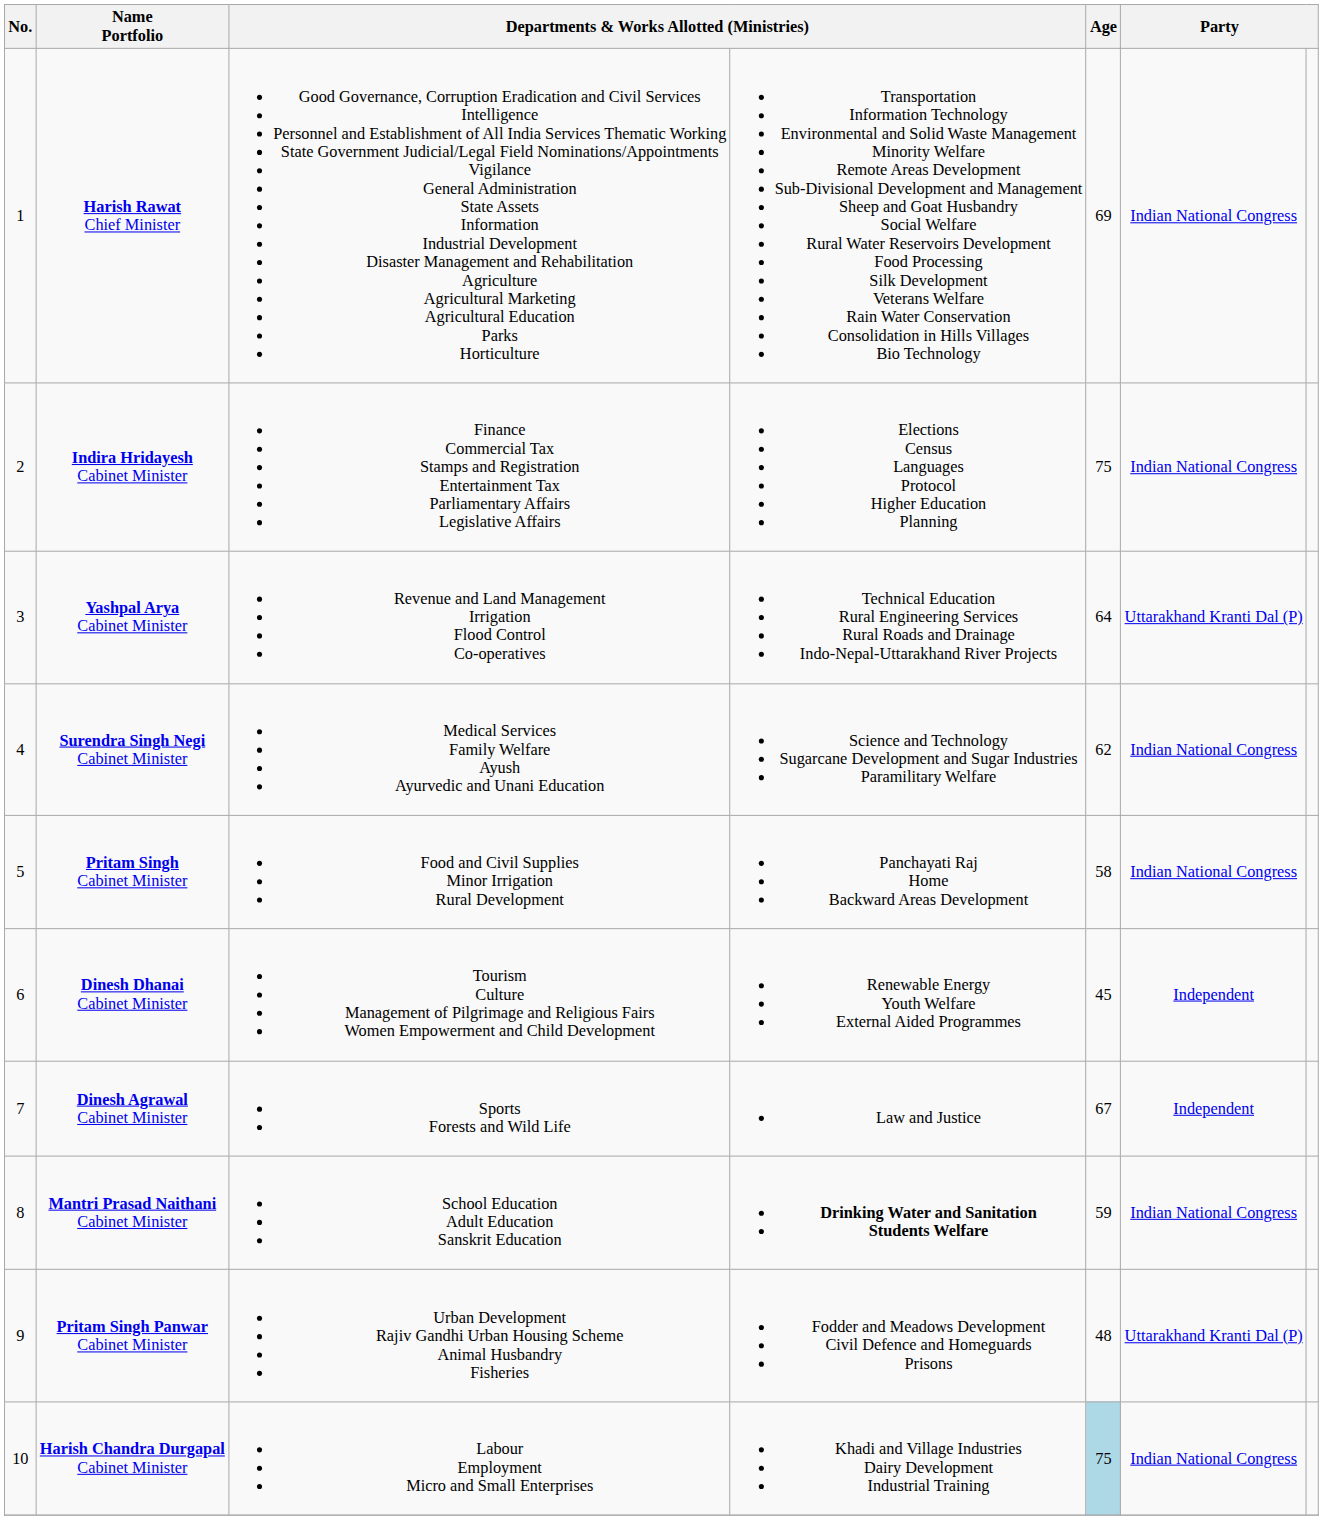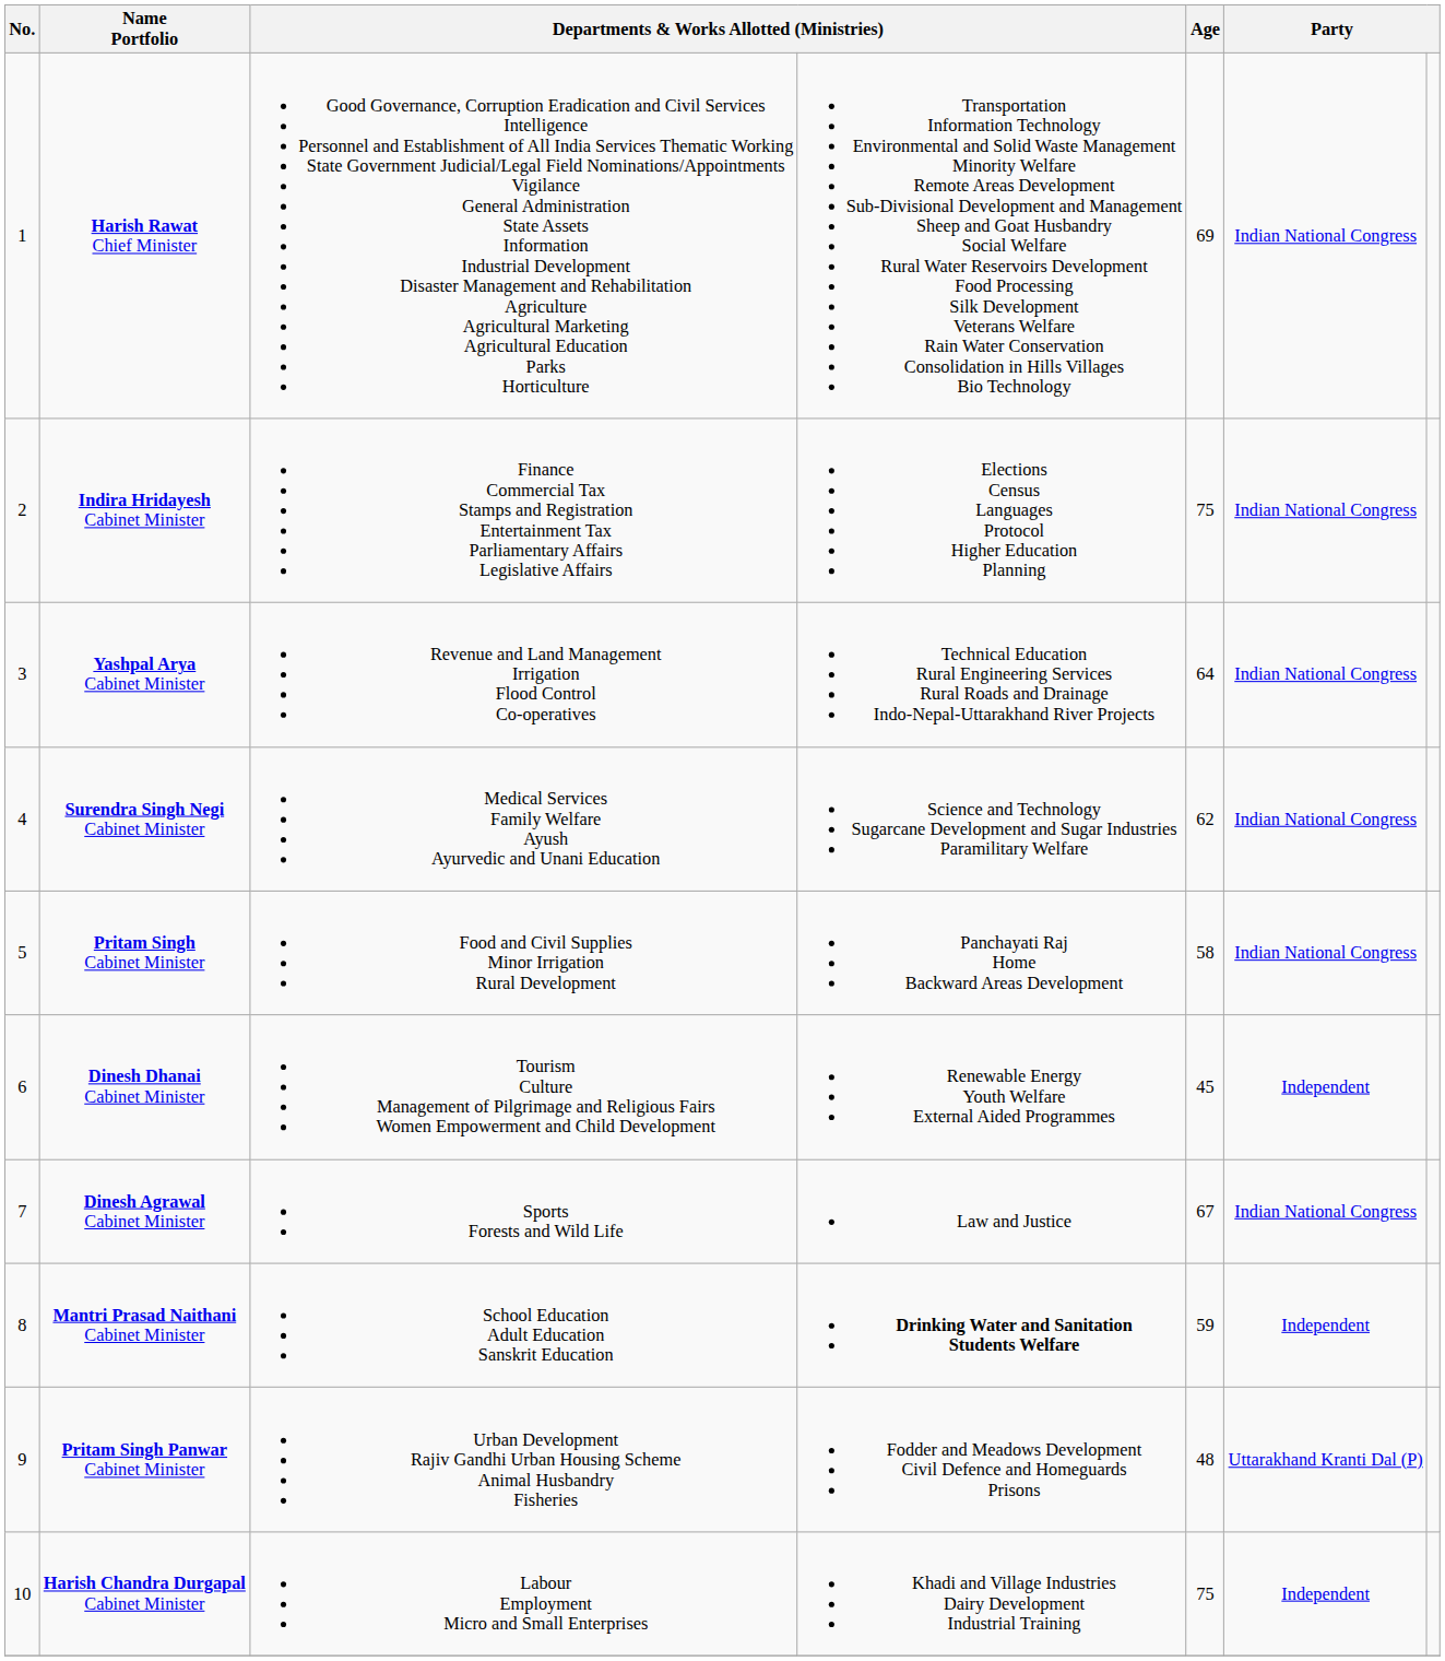 <table class="wikitable sortable">
 <tr>
 <th>No.</th>
 <th>Name<br>Portfolio<br></th>
 <th colspan=2>Departments & Works Allotted (Ministries)</th>
 <th>Age</th>
 <th colspan="2" scope="col">Party</th>
 </tr>
 <tr style="text-align:center">
 <td>1</td>
 <td><strong><a href='#'>Harish Rawat</a></strong><br><a href='#'>Chief Minister</a><br></td>
 <td><br><ul><li>Good Governance, Corruption Eradication and Civil Services</li><li>Intelligence</li><li>Personnel and Establishment of All India Services Thematic Working</li><li>State Government Judicial/Legal Field Nominations/Appointments</li><li>Vigilance </li><li>General Administration</li><li>State Assets</li><li>Information</li><li>Industrial Development</li><li>Disaster Management and Rehabilitation</li><li>Agriculture </li><li>Agricultural Marketing</li><li>Agricultural Education</li><li>Parks</li><li>Horticulture</li></ul></td>
 <td><br><ul><li>Transportation </li><li>Information Technology</li><li>Environmental and Solid Waste Management</li><li>Minority Welfare</li><li>Remote Areas Development</li><li>Sub-Divisional Development and Management</li><li>Sheep and Goat Husbandry</li><li>Social Welfare </li><li>Rural Water Reservoirs Development</li><li>Food Processing</li><li>Silk Development</li><li>Veterans Welfare</li><li>Rain Water Conservation</li><li>Consolidation in Hills Villages</li><li>Bio Technology</li></ul></td>
 <td>69</td>
 <td><a href='#'>Indian National Congress</a></td>
 <td width="4px" style="background-color: "></td>
 </tr>
 <tr style="text-align:center">
 <td>2</td>
 <td><strong><a href='#'>Indira Hridayesh</a></strong><br><a href='#'>Cabinet Minister</a><br></td>
 <td><br><ul><li>Finance</li><li>Commercial Tax </li><li>Stamps and Registration </li><li>Entertainment Tax </li><li>Parliamentary Affairs</li><li>Legislative Affairs</li></ul></td>
 <td><br><ul><li>Elections </li><li>Census</li><li>Languages</li><li>Protocol</li><li>Higher Education </li><li>Planning  </li></ul></td>
 <td>75</td>
 <td><a href='#'>Indian National Congress</a></td>
 <td width="4px" style="background-color: "></td>
 </tr>
 <tr style="text-align:center">
 <td>3</td>
 <td><strong><a href='#'>Yashpal Arya</a></strong><br><a href='#'>Cabinet Minister</a><br></td>
 <td><br><ul><li>Revenue and Land Management </li><li>Irrigation </li><li>Flood Control</li><li>Co-operatives</li></ul></td>
 <td><br><ul><li>Technical Education </li><li>Rural Engineering Services</li><li>Rural Roads and Drainage</li><li>Indo-Nepal-Uttarakhand River Projects</li></ul></td>
 <td>64</td>
-<td><a href='#'>Uttarakhand Kranti Dal (P)</a></td>
+<td><a href='#'>Indian National Congress</a></td>
 <td width="4px" style="background-color: "></td>
 </tr>
 <tr style="text-align:center">
 <td>4</td>
 <td><strong><a href='#'>Surendra Singh Negi</a></strong><br><a href='#'>Cabinet Minister</a><br></td>
 <td><br><ul><li>Medical Services </li><li>Family Welfare</li><li>Ayush</li><li>Ayurvedic and Unani Education</li></ul></td>
 <td><br><ul><li>Science and Technology</li><li>Sugarcane Development and Sugar Industries </li><li>Paramilitary Welfare</li></ul></td>
 <td>62</td>
 <td><a href='#'>Indian National Congress</a></td>
 <td width="4px" style="background-color: "></td>
 </tr>
 <tr style="text-align:center">
 <td>5</td>
 <td><strong><a href='#'>Pritam Singh</a></strong><br><a href='#'>Cabinet Minister</a><br></td>
 <td><br><ul><li>Food and Civil Supplies </li><li>Minor Irrigation</li><li>Rural Development</li></ul></td>
 <td><br><ul><li>Panchayati Raj</li><li>Home</li><li>Backward Areas Development</li></ul></td>
 <td>58</td>
 <td><a href='#'>Indian National Congress</a></td>
 <td width="4px" style="background-color: "></td>
 </tr>
 <tr style="text-align:center">
 <td>6</td>
 <td><strong><a href='#'>Dinesh Dhanai</a></strong><br><a href='#'>Cabinet Minister</a><br></td>
 <td><br><ul><li>Tourism </li><li>Culture</li><li>Management of Pilgrimage and Religious Fairs</li><li>Women Empowerment and Child Development </li></ul></td>
 <td><br><ul><li>Renewable Energy</li><li>Youth Welfare</li><li>External Aided Programmes</li></ul></td>
 <td>45</td>
 <td><a href='#'>Independent</a></td>
 <td width="4px" style="background-color: "></td>
 </tr>
 <tr style="text-align:center">
 <td>7</td>
 <td><strong><a href='#'>Dinesh Agrawal</a></strong><br><a href='#'>Cabinet Minister</a><br></td>
 <td><br><ul><li>Sports </li><li>Forests and Wild Life </li></ul></td>
 <td><br><ul><li>Law and Justice</li></ul></td>
 <td>67</td>
-<td><a href='#'>Independent</a></td>
+<td><a href='#'>Indian National Congress</a></td>
 <td width="4px" style="background-color: "></td>
 </tr>
 <tr style="text-align:center">
 <td>8</td>
 <td><strong><a href='#'>Mantri Prasad Naithani</a></strong><br><a href='#'>Cabinet Minister</a><br></td>
 <td><br><ul><li>School Education </li><li>Adult Education</li><li>Sanskrit Education</li></ul></td>
 <td><strong><br><ul><li>Drinking Water and Sanitation</li><li>Students Welfare</li></ul></strong></td>
 <td>59</td>
-<td><a href='#'>Indian National Congress</a></td>
+<td><a href='#'>Independent</a></td>
 <td width="4px" style="background-color: "></td>
 </tr>
 <tr style="text-align:center">
 <td>9</td>
 <td><strong><a href='#'>Pritam Singh Panwar</a></strong><br><a href='#'>Cabinet Minister</a><br></td>
 <td><br><ul><li>Urban Development </li><li>Rajiv Gandhi Urban Housing Scheme</li><li>Animal Husbandry </li><li>Fisheries </li></ul></td>
 <td><br><ul><li>Fodder and Meadows Development</li><li>Civil Defence and Homeguards</li><li>Prisons</li></ul></td>
 <td>48</td>
 <td><a href='#'>Uttarakhand Kranti Dal (P)</a></td>
 <td width="4px" style="background-color: "></td>
 </tr>
 <tr style="text-align:center">
 <td>10</td>
 <td><strong><a href='#'>Harish Chandra Durgapal</a></strong><br><a href='#'>Cabinet Minister</a><br></td>
 <td><br><ul><li>Labour </li><li>Employment </li><li>Micro and Small Enterprises</li></ul></td>
 <td><br><ul><li>Khadi and Village Industries</li><li>Dairy Development  </li><li>Industrial Training</li></ul></td>
-<td style="background: lightblue;">75</td>
-<td><a href='#'>Indian National Congress</a></td>
+<td>75</td>
+<td><a href='#'>Independent</a></td>
 <td width="4px" style="background-color: "></td>
 </tr>
 <tr>
 </tr>
 </table>
